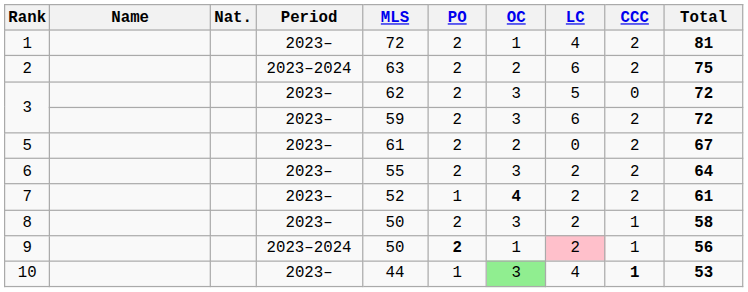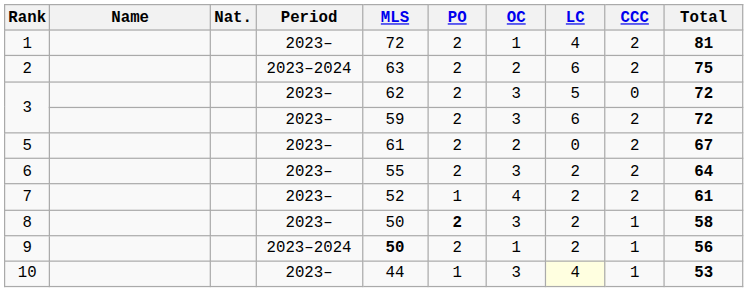 <table class="wikitable sortable nowrap" style="text-align: center;">
 <tr>
 <th>Rank</th>
 <th width=135>Name</th>
 <th>Nat.</th>
 <th width=85>Period</th>
 <th width=50><a href='#'>MLS</a></th>
 <th width=45><a href='#'>PO</a></th>
 <th width=45><a href='#'>OC</a></th>
 <th width=45><a href='#'>LC</a></th>
 <th width=45><a href='#'>CCC</a></th>
 <th width=60>Total</th>
 </tr>
 <tr>
 <td>1</td>
 <td align="left"><strong></strong></td>
 <td></td>
 <td>2023–</td>
 <td>72</td>
 <td>2</td>
 <td>1</td>
 <td>4</td>
 <td>2</td>
 <td><strong>81</strong></td>
 </tr>
 <tr>
 <td>2</td>
 <td align="left"></td>
 <td></td>
 <td>2023–2024</td>
 <td>63</td>
 <td>2</td>
 <td>2</td>
 <td>6</td>
 <td>2</td>
 <td><strong>75</strong></td>
 </tr>
 <tr>
 <td rowspan="2">3</td>
 <td align="left"><strong></strong></td>
 <td></td>
 <td>2023–</td>
 <td>62</td>
 <td>2</td>
 <td>3</td>
 <td>5</td>
 <td>0</td>
 <td><strong>72</strong></td>
 </tr>
 <tr>
 <td align="left"><strong></strong></td>
 <td></td>
 <td>2023–</td>
 <td>59</td>
 <td>2</td>
 <td>3</td>
 <td>6</td>
 <td>2</td>
 <td><strong>72</strong></td>
 </tr>
 <tr>
 <td>5</td>
 <td align="left"><strong></strong></td>
 <td></td>
 <td>2023–</td>
 <td>61</td>
 <td>2</td>
 <td>2</td>
 <td>0</td>
 <td>2</td>
 <td><strong>67</strong></td>
 </tr>
 <tr>
 <td>6</td>
 <td align="left"><strong></strong></td>
 <td></td>
 <td>2023–</td>
 <td>55</td>
 <td>2</td>
 <td>3</td>
 <td>2</td>
 <td>2</td>
 <td><strong>64</strong></td>
 </tr>
 <tr>
 <td>7</td>
 <td align="left"><strong></strong></td>
 <td></td>
 <td>2023–</td>
 <td>52</td>
 <td>1</td>
-<td><strong>4</strong></td>
+<td>4</td>
 <td>2</td>
 <td>2</td>
 <td><strong>61</strong></td>
 </tr>
 <tr>
 <td>8</td>
 <td align="left"><strong></strong></td>
 <td></td>
 <td>2023–</td>
 <td>50</td>
-<td>2</td>
+<td><strong>2</strong></td>
 <td>3</td>
 <td>2</td>
 <td>1</td>
 <td><strong>58</strong></td>
 </tr>
 <tr>
 <td>9</td>
 <td align="left"></td>
 <td></td>
 <td>2023–2024</td>
-<td>50</td>
-<td><strong>2</strong></td>
+<td><strong>50</strong></td>
+<td>2</td>
 <td>1</td>
-<td style="background: pink;">2</td>
+<td>2</td>
 <td>1</td>
 <td><strong>56</strong></td>
 </tr>
 <tr>
 <td>10</td>
 <td align="left"><strong></strong></td>
 <td></td>
 <td>2023–</td>
 <td>44</td>
 <td>1</td>
-<td style="background: lightgreen;">3</td>
-<td>4</td>
-<td><strong>1</strong></td>
+<td>3</td>
+<td style="background: lightyellow;">4</td>
+<td>1</td>
 <td><strong>53</strong></td>
 </tr>
 </table>
